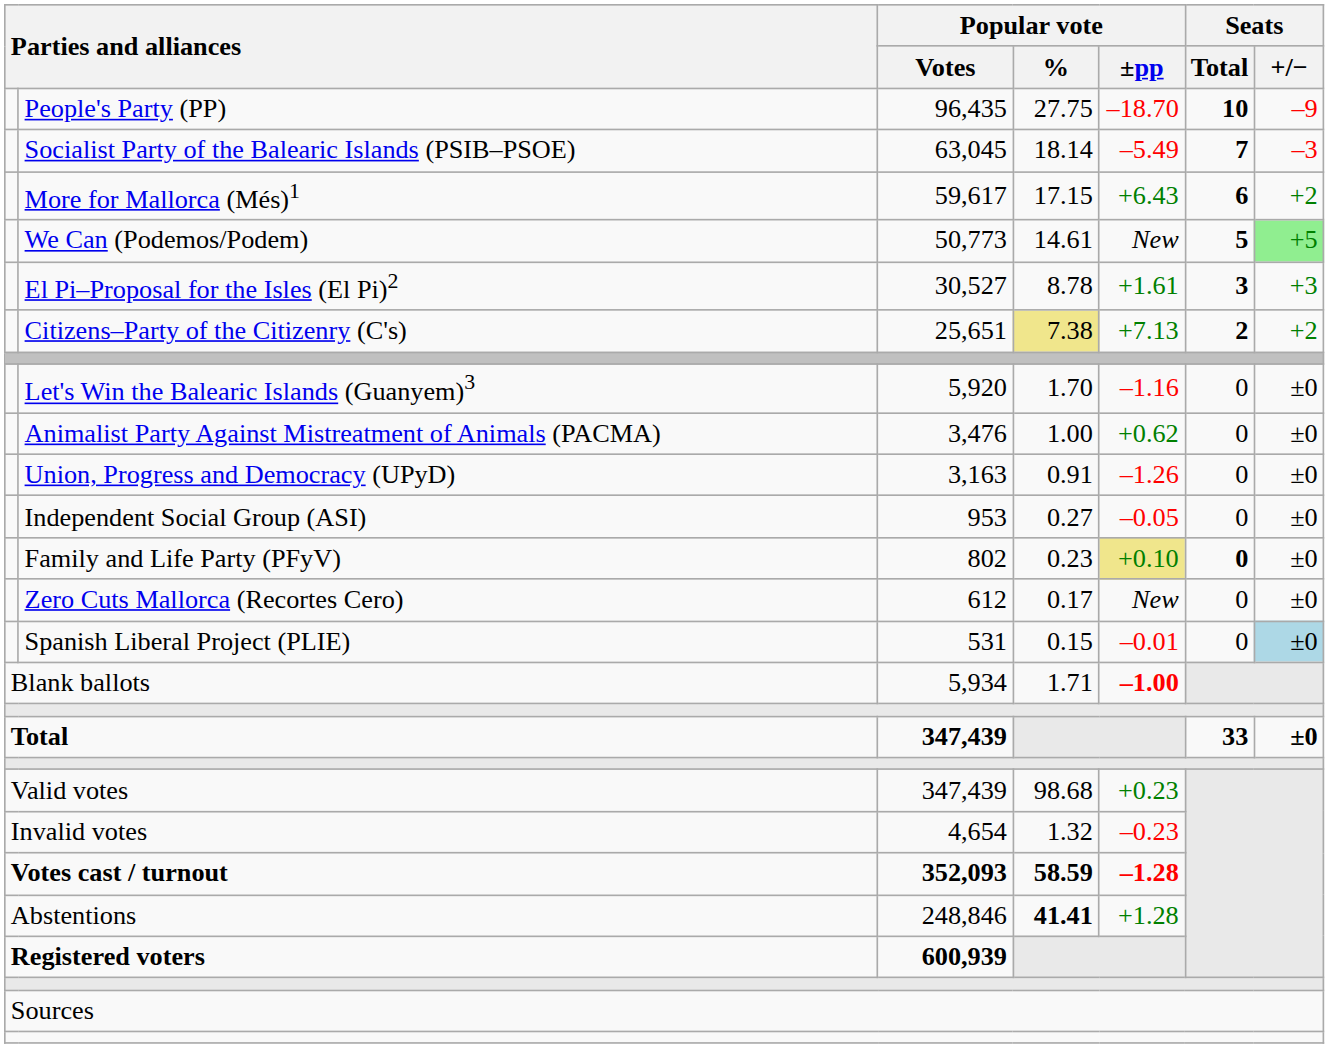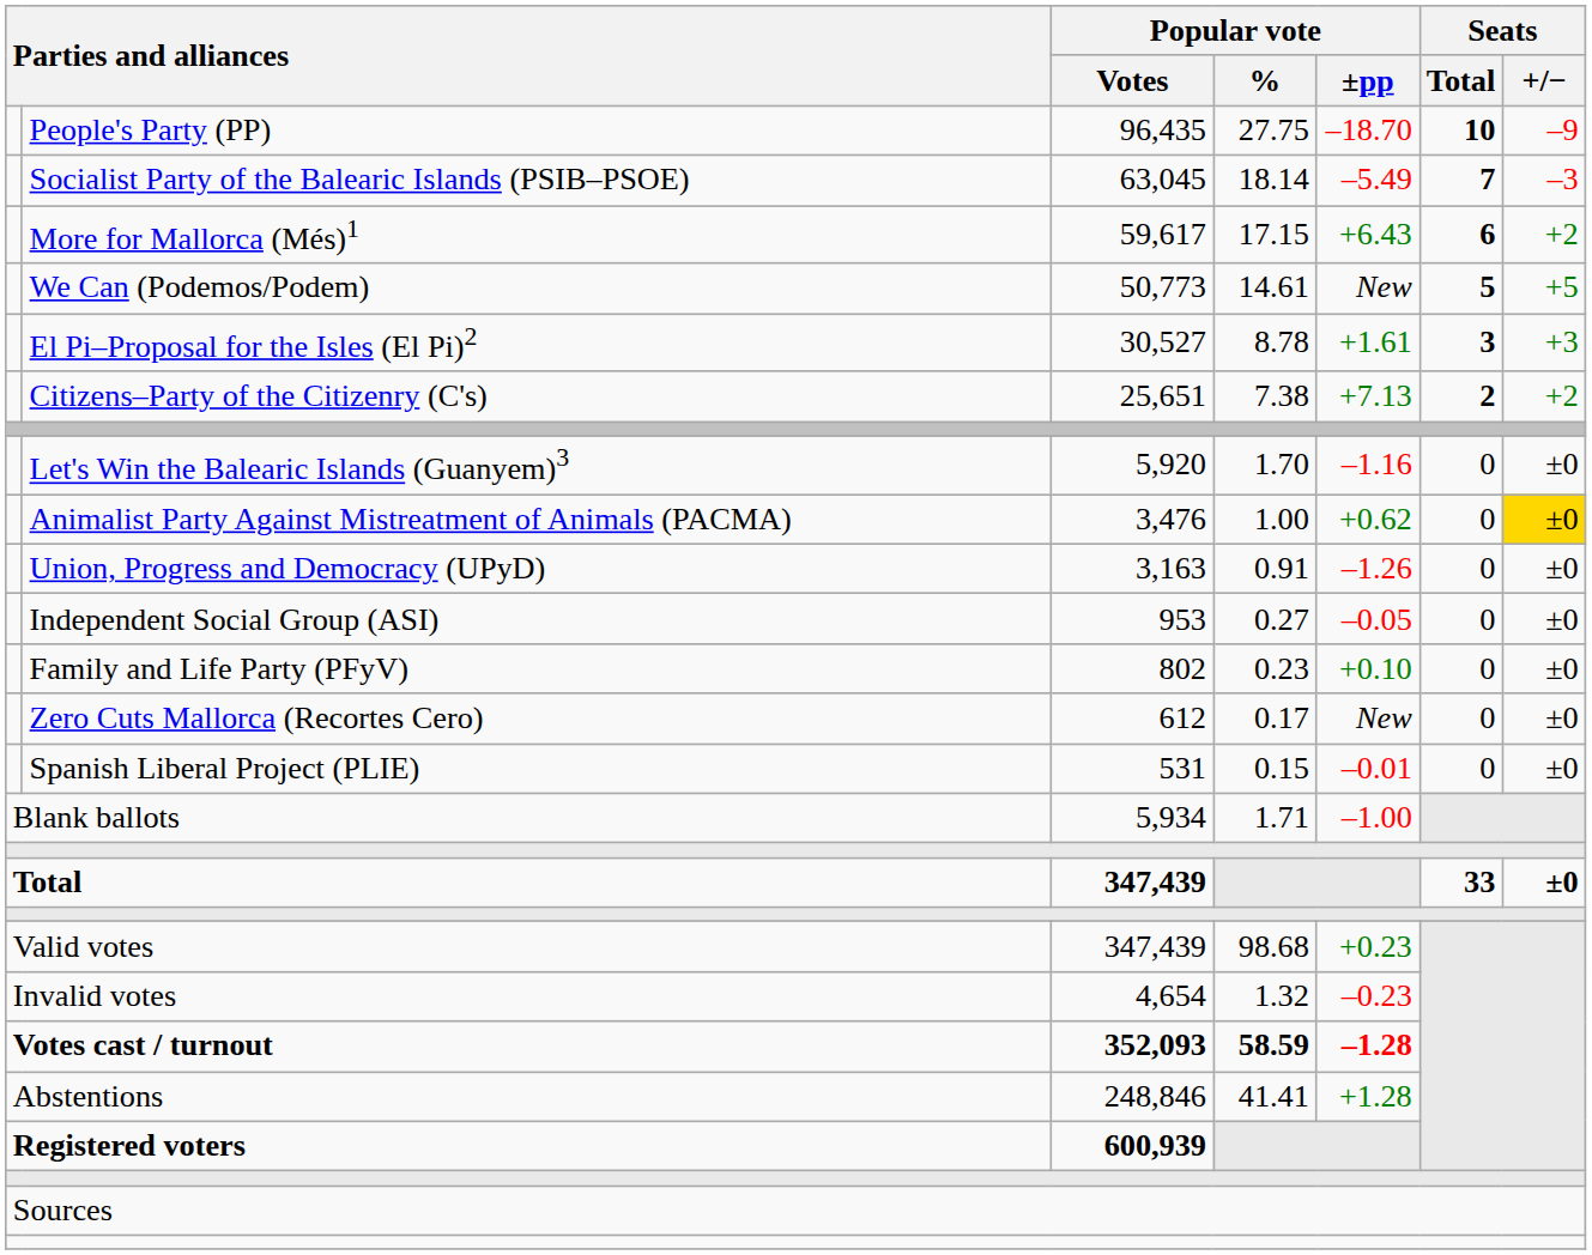 <table class="wikitable" style="text-align:right;">
 <tr>
 <th style="text-align:left;" rowspan="2" colspan="2" width="525">Parties and alliances</th>
 <th colspan="3">Popular vote</th>
 <th colspan="2">Seats</th>
 </tr>
 <tr>
 <th width="75">Votes</th>
 <th width="45">%</th>
 <th width="45">±<a href='#'>pp</a></th>
 <th width="35">Total</th>
 <th width="35">+/−</th>
 </tr>
 <tr>
 <td width="1" style="color:inherit;background:"></td>
 <td align="left"><a href='#'>People's Party</a> (PP)</td>
 <td>96,435</td>
 <td>27.75</td>
 <td style="color:red;">–18.70</td>
 <td><strong>10</strong></td>
 <td style="color:red;">–9</td>
 </tr>
 <tr>
 <td style="color:inherit;background:"></td>
 <td align="left"><a href='#'>Socialist Party of the Balearic Islands</a> (PSIB–PSOE)</td>
 <td>63,045</td>
 <td>18.14</td>
 <td style="color:red;">–5.49</td>
 <td><strong>7</strong></td>
 <td style="color:red;">–3</td>
 </tr>
 <tr>
 <td style="color:inherit;background:"></td>
 <td align="left"><a href='#'>More for Mallorca</a> (Més)<sup>1</sup></td>
 <td>59,617</td>
 <td>17.15</td>
 <td style="color:green;">+6.43</td>
 <td><strong>6</strong></td>
 <td style="color:green;">+2</td>
 </tr>
 <tr>
 <td style="color:inherit;background:"></td>
 <td align="left"><a href='#'>We Can</a> (Podemos/Podem)</td>
 <td>50,773</td>
 <td>14.61</td>
 <td><em>New</em></td>
 <td><strong>5</strong></td>
-<td style="background: lightgreen; color:green;">+5</td>
+<td style="color:green;">+5</td>
 </tr>
 <tr>
 <td style="color:inherit;background:"></td>
 <td align="left"><a href='#'>El Pi–Proposal for the Isles</a> (El Pi)<sup>2</sup></td>
 <td>30,527</td>
 <td>8.78</td>
 <td style="color:green;">+1.61</td>
 <td><strong>3</strong></td>
 <td style="color:green;">+3</td>
 </tr>
 <tr>
 <td style="color:inherit;background:"></td>
 <td align="left"><a href='#'>Citizens–Party of the Citizenry</a> (C's)</td>
 <td>25,651</td>
-<td style="background: khaki;">7.38</td>
+<td>7.38</td>
 <td style="color:green;">+7.13</td>
 <td><strong>2</strong></td>
 <td style="color:green;">+2</td>
 </tr>
 <tr>
 <td colspan="7" bgcolor="#C0C0C0"></td>
 </tr>
 <tr>
 <td style="color:inherit;background:"></td>
 <td align="left"><a href='#'>Let's Win the Balearic Islands</a> (Guanyem)<sup>3</sup></td>
 <td>5,920</td>
 <td>1.70</td>
 <td style="color:red;">–1.16</td>
 <td>0</td>
 <td>±0</td>
 </tr>
 <tr>
 <td style="color:inherit;background:"></td>
 <td align="left"><a href='#'>Animalist Party Against Mistreatment of Animals</a> (PACMA)</td>
 <td>3,476</td>
 <td>1.00</td>
 <td style="color:green;">+0.62</td>
 <td>0</td>
-<td>±0</td>
+<td style="background: gold;">±0</td>
 </tr>
 <tr>
 <td style="color:inherit;background:"></td>
 <td align="left"><a href='#'>Union, Progress and Democracy</a> (UPyD)</td>
 <td>3,163</td>
 <td>0.91</td>
 <td style="color:red;">–1.26</td>
 <td>0</td>
 <td>±0</td>
 </tr>
 <tr>
 <td style="color:inherit;background:"></td>
 <td align="left">Independent Social Group (ASI)</td>
 <td>953</td>
 <td>0.27</td>
 <td style="color:red;">–0.05</td>
 <td>0</td>
 <td>±0</td>
 </tr>
 <tr>
 <td style="color:inherit;background:"></td>
 <td align="left">Family and Life Party (PFyV)</td>
 <td>802</td>
 <td>0.23</td>
-<td style="background: khaki; color:green;">+0.10</td>
-<td><strong>0</strong></td>
+<td style="color:green;">+0.10</td>
+<td>0</td>
 <td>±0</td>
 </tr>
 <tr>
 <td style="color:inherit;background:"></td>
 <td align="left"><a href='#'>Zero Cuts Mallorca</a> (Recortes Cero)</td>
 <td>612</td>
 <td>0.17</td>
 <td><em>New</em></td>
 <td>0</td>
 <td>±0</td>
 </tr>
 <tr>
 <td style="color:inherit;background:"></td>
 <td align="left">Spanish Liberal Project (PLIE)</td>
 <td>531</td>
 <td>0.15</td>
 <td style="color:red;">–0.01</td>
 <td>0</td>
-<td style="background: lightblue;">±0</td>
+<td>±0</td>
 </tr>
 <tr>
 <td align="left" colspan="2">Blank ballots</td>
 <td>5,934</td>
 <td>1.71</td>
-<td style="color:red;"><strong>–1.00</strong></td>
+<td style="color:red;">–1.00</td>
 <td bgcolor="#E9E9E9" colspan="2"></td>
 </tr>
 <tr>
 <td colspan="7" bgcolor="#E9E9E9"></td>
 </tr>
 <tr style="font-weight:bold;">
 <td align="left" colspan="2">Total</td>
 <td>347,439</td>
 <td bgcolor="#E9E9E9" colspan="2"></td>
 <td>33</td>
 <td>±0</td>
 </tr>
 <tr>
 <td colspan="7" bgcolor="#E9E9E9"></td>
 </tr>
 <tr>
 <td align="left" colspan="2">Valid votes</td>
 <td>347,439</td>
 <td>98.68</td>
 <td style="color:green;">+0.23</td>
 <td bgcolor="#E9E9E9" colspan="2" rowspan="5"></td>
 </tr>
 <tr>
 <td align="left" colspan="2">Invalid votes</td>
 <td>4,654</td>
 <td>1.32</td>
 <td style="color:red;">–0.23</td>
 </tr>
 <tr style="font-weight:bold;">
 <td align="left" colspan="2">Votes cast / turnout</td>
 <td>352,093</td>
 <td>58.59</td>
 <td style="color:red;">–1.28</td>
 </tr>
 <tr>
 <td align="left" colspan="2">Abstentions</td>
 <td>248,846</td>
-<td><strong>41.41</strong></td>
+<td>41.41</td>
 <td style="color:green;">+1.28</td>
 </tr>
 <tr style="font-weight:bold;">
 <td align="left" colspan="2">Registered voters</td>
 <td>600,939</td>
 <td bgcolor="#E9E9E9" colspan="2"></td>
 </tr>
 <tr>
 <td colspan="7" bgcolor="#E9E9E9"></td>
 </tr>
 <tr>
 <td align="left" colspan="7">Sources</td>
 </tr>
 <tr>
 <td colspan="7" style="text-align:left; max-width:790px;"></td>
 </tr>
 </table>
